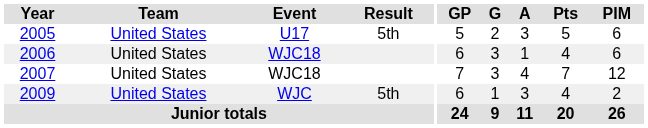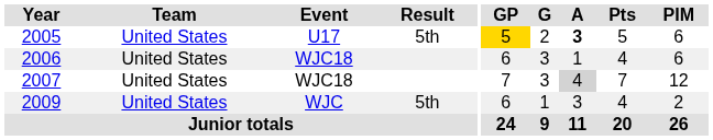 <table border="0" cellpadding="1" cellspacing="0" ID="Table3" style="text-align:center; width:40em">
 <tr ALIGN="center" bgcolor="#e0e0e0">
 <th>Year</th>
 <th>Team</th>
 <th>Event</th>
 <th>Result</th>
 <th rowspan="99" bgcolor="#ffffff"></th>
 <th>GP</th>
 <th>G</th>
 <th>A</th>
 <th>Pts</th>
 <th>PIM</th>
 </tr>
 <tr>
 <td><a href='#'>2005</a></td>
 <td><a href='#'>United States</a></td>
 <td><a href='#'>U17</a></td>
 <td>5th</td>
-<td>5</td>
+<td style="background: gold;">5</td>
 <td>2</td>
-<td>3</td>
+<td><strong>3</strong></td>
 <td>5</td>
 <td>6</td>
 </tr>
 <tr bgcolor="#f0f0f0">
 <td><a href='#'>2006</a></td>
 <td>United States</td>
 <td><a href='#'>WJC18</a></td>
 <td></td>
 <td>6</td>
 <td>3</td>
 <td>1</td>
 <td>4</td>
 <td>6</td>
 </tr>
 <tr>
 <td><a href='#'>2007</a></td>
 <td>United States</td>
 <td>WJC18</td>
 <td></td>
 <td>7</td>
 <td>3</td>
-<td>4</td>
+<td style="background: lightgrey;">4</td>
 <td>7</td>
 <td>12</td>
 </tr>
 <tr bgcolor="#f0f0f0">
 <td><a href='#'>2009</a></td>
 <td><a href='#'>United States</a></td>
 <td><a href='#'>WJC</a></td>
 <td>5th</td>
 <td>6</td>
 <td>1</td>
 <td>3</td>
 <td>4</td>
 <td>2</td>
 </tr>
 <tr bgcolor="#e0e0e0">
 <th colspan="4">Junior totals</th>
 <th>24</th>
 <th>9</th>
 <th>11</th>
 <th>20</th>
 <th>26</th>
 </tr>
 </table>
